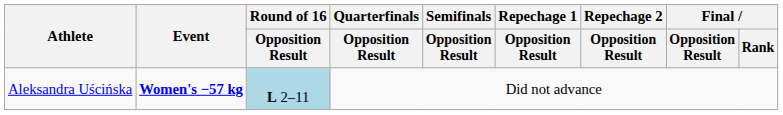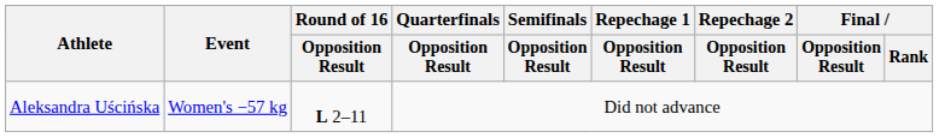 <table class="wikitable" style="font-size:90%;">
 <tr>
 <th rowspan=2>Athlete</th>
 <th rowspan=2>Event</th>
 <th>Round of 16</th>
 <th>Quarterfinals</th>
 <th>Semifinals</th>
 <th>Repechage 1</th>
 <th>Repechage 2</th>
 <th colspan=2>Final / </th>
 </tr>
 <tr style="font-size:95%">
 <th>Opposition<br>Result</th>
 <th>Opposition<br>Result</th>
 <th>Opposition<br>Result</th>
 <th>Opposition<br>Result</th>
 <th>Opposition<br>Result</th>
 <th>Opposition<br>Result</th>
 <th>Rank</th>
 </tr>
 <tr align=center>
 <td align=left><a href='#'>Aleksandra Uścińska</a></td>
-<td align=left><strong><a href='#'>Women's −57 kg</a></strong></td>
-<td style="background: lightblue;"><br><strong>L</strong> 2–11</td>
+<td align=left><a href='#'>Women's −57 kg</a></td>
+<td><br><strong>L</strong> 2–11</td>
 <td colspan=6>Did not advance</td>
 </tr>
 </table>
